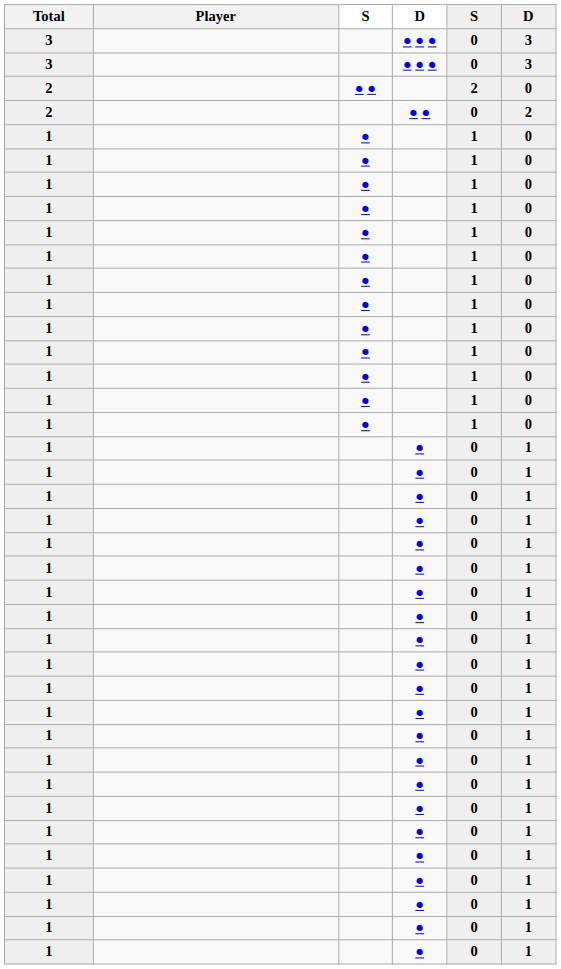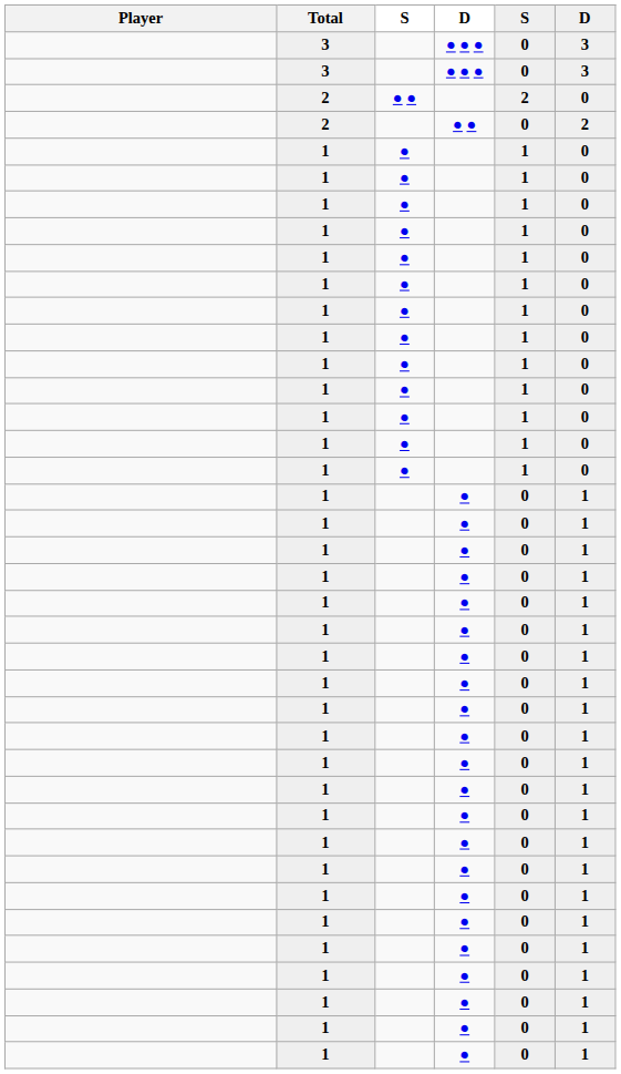 <table class="sortable wikitable" style="font-size:90%;">
 <tr>
+<th width=236>Player</th>
 <th width=81>Total</th>
-<th width=236>Player</th>
 <th width=47 style="background:#FFFFFF"> S </th>
 <th width=47 style="background:#FFFFFF"> D </th>
 <th width=47 style="background:#efefef"> S </th>
 <th width=47 style="background:#efefef"> D </th>
 </tr>
 <tr align=center>
+<td align=left></td>
 <td bgcolor=#efefef><strong>3</strong></td>
-<td align=left></td>
 <td></td>
 <td><a href='#'>●</a> <a href='#'>●</a> <a href='#'>●</a></td>
 <td bgcolor=#efefef><strong>0</strong></td>
 <td bgcolor=#efefef><strong>3</strong></td>
 </tr>
 <tr align=center>
+<td align=left></td>
 <td bgcolor=#efefef><strong>3</strong></td>
-<td align=left></td>
 <td></td>
 <td><a href='#'>●</a> <a href='#'>●</a> <a href='#'>●</a></td>
 <td bgcolor=#efefef><strong>0</strong></td>
 <td bgcolor=#efefef><strong>3</strong></td>
 </tr>
 <tr align=center>
+<td align=left></td>
 <td bgcolor=#efefef><strong>2</strong></td>
-<td align=left></td>
 <td><a href='#'>●</a> <a href='#'>●</a></td>
 <td></td>
 <td bgcolor=#efefef><strong>2</strong></td>
 <td bgcolor=#efefef><strong>0</strong></td>
 </tr>
 <tr align=center>
+<td align=left></td>
 <td bgcolor=#efefef><strong>2</strong></td>
-<td align=left></td>
 <td></td>
 <td><a href='#'>●</a> <a href='#'>●</a></td>
 <td bgcolor=#efefef><strong>0</strong></td>
 <td bgcolor=#efefef><strong>2</strong></td>
 </tr>
 <tr align=center>
+<td align=left></td>
 <td bgcolor=#efefef><strong>1</strong></td>
-<td align=left></td>
 <td><a href='#'>●</a></td>
 <td></td>
 <td bgcolor=#efefef><strong>1</strong></td>
 <td bgcolor=#efefef><strong>0</strong></td>
 </tr>
 <tr align=center>
+<td align=left></td>
 <td bgcolor=#efefef><strong>1</strong></td>
-<td align=left></td>
 <td><a href='#'>●</a></td>
 <td></td>
 <td bgcolor=#efefef><strong>1</strong></td>
 <td bgcolor=#efefef><strong>0</strong></td>
 </tr>
 <tr align=center>
+<td align=left></td>
 <td bgcolor=#efefef><strong>1</strong></td>
-<td align=left></td>
 <td><a href='#'>●</a></td>
 <td></td>
 <td bgcolor=#efefef><strong>1</strong></td>
 <td bgcolor=#efefef><strong>0</strong></td>
 </tr>
 <tr align=center>
+<td align=left></td>
 <td bgcolor=#efefef><strong>1</strong></td>
-<td align=left></td>
 <td><a href='#'>●</a></td>
 <td></td>
 <td bgcolor=#efefef><strong>1</strong></td>
 <td bgcolor=#efefef><strong>0</strong></td>
 </tr>
 <tr align=center>
+<td align=left></td>
 <td bgcolor=#efefef><strong>1</strong></td>
-<td align=left></td>
 <td><a href='#'>●</a></td>
 <td></td>
 <td bgcolor=#efefef><strong>1</strong></td>
 <td bgcolor=#efefef><strong>0</strong></td>
 </tr>
 <tr align=center>
+<td align=left></td>
 <td bgcolor=#efefef><strong>1</strong></td>
-<td align=left></td>
 <td><a href='#'>●</a></td>
 <td></td>
 <td bgcolor=#efefef><strong>1</strong></td>
 <td bgcolor=#efefef><strong>0</strong></td>
 </tr>
 <tr align=center>
+<td align=left></td>
 <td bgcolor=#efefef><strong>1</strong></td>
-<td align=left></td>
 <td><a href='#'>●</a></td>
 <td></td>
 <td bgcolor=#efefef><strong>1</strong></td>
 <td bgcolor=#efefef><strong>0</strong></td>
 </tr>
 <tr align=center>
+<td align=left></td>
 <td bgcolor=#efefef><strong>1</strong></td>
-<td align=left></td>
 <td><a href='#'>●</a></td>
 <td></td>
 <td bgcolor=#efefef><strong>1</strong></td>
 <td bgcolor=#efefef><strong>0</strong></td>
 </tr>
 <tr align=center>
+<td align=left></td>
 <td bgcolor=#efefef><strong>1</strong></td>
-<td align=left></td>
 <td><a href='#'>●</a></td>
 <td></td>
 <td bgcolor=#efefef><strong>1</strong></td>
 <td bgcolor=#efefef><strong>0</strong></td>
 </tr>
 <tr align=center>
+<td align=left></td>
 <td bgcolor=#efefef><strong>1</strong></td>
-<td align=left></td>
 <td><a href='#'>●</a></td>
 <td></td>
 <td bgcolor=#efefef><strong>1</strong></td>
 <td bgcolor=#efefef><strong>0</strong></td>
 </tr>
 <tr align=center>
+<td align=left></td>
 <td bgcolor=#efefef><strong>1</strong></td>
-<td align=left></td>
 <td><a href='#'>●</a></td>
 <td></td>
 <td bgcolor=#efefef><strong>1</strong></td>
 <td bgcolor=#efefef><strong>0</strong></td>
 </tr>
 <tr align=center>
+<td align=left></td>
 <td bgcolor=#efefef><strong>1</strong></td>
-<td align=left></td>
 <td><a href='#'>●</a></td>
 <td></td>
 <td bgcolor=#efefef><strong>1</strong></td>
 <td bgcolor=#efefef><strong>0</strong></td>
 </tr>
 <tr align=center>
+<td align=left></td>
 <td bgcolor=#efefef><strong>1</strong></td>
-<td align=left></td>
 <td><a href='#'>●</a></td>
 <td></td>
 <td bgcolor=#efefef><strong>1</strong></td>
 <td bgcolor=#efefef><strong>0</strong></td>
 </tr>
 <tr align=center>
+<td align=left></td>
 <td bgcolor=#efefef><strong>1</strong></td>
-<td align=left></td>
 <td></td>
 <td><a href='#'>●</a></td>
 <td bgcolor=#efefef><strong>0</strong></td>
 <td bgcolor=#efefef><strong>1</strong></td>
 </tr>
 <tr align=center>
+<td align=left></td>
 <td bgcolor=#efefef><strong>1</strong></td>
-<td align=left></td>
 <td></td>
 <td><a href='#'>●</a></td>
 <td bgcolor=#efefef><strong>0</strong></td>
 <td bgcolor=#efefef><strong>1</strong></td>
 </tr>
 <tr align=center>
+<td align=left></td>
 <td bgcolor=#efefef><strong>1</strong></td>
-<td align=left></td>
 <td></td>
 <td><a href='#'>●</a></td>
 <td bgcolor=#efefef><strong>0</strong></td>
 <td bgcolor=#efefef><strong>1</strong></td>
 </tr>
 <tr align=center>
+<td align=left></td>
 <td bgcolor=#efefef><strong>1</strong></td>
-<td align=left></td>
 <td></td>
 <td><a href='#'>●</a></td>
 <td bgcolor=#efefef><strong>0</strong></td>
 <td bgcolor=#efefef><strong>1</strong></td>
 </tr>
 <tr align=center>
+<td align=left></td>
 <td bgcolor=#efefef><strong>1</strong></td>
-<td align=left></td>
 <td></td>
 <td><a href='#'>●</a></td>
 <td bgcolor=#efefef><strong>0</strong></td>
 <td bgcolor=#efefef><strong>1</strong></td>
 </tr>
 <tr align=center>
+<td align=left></td>
 <td bgcolor=#efefef><strong>1</strong></td>
-<td align=left></td>
 <td></td>
 <td><a href='#'>●</a></td>
 <td bgcolor=#efefef><strong>0</strong></td>
 <td bgcolor=#efefef><strong>1</strong></td>
 </tr>
 <tr align=center>
+<td align=left></td>
 <td bgcolor=#efefef><strong>1</strong></td>
-<td align=left></td>
 <td></td>
 <td><a href='#'>●</a></td>
 <td bgcolor=#efefef><strong>0</strong></td>
 <td bgcolor=#efefef><strong>1</strong></td>
 </tr>
 <tr align=center>
+<td align=left></td>
 <td bgcolor=#efefef><strong>1</strong></td>
-<td align=left></td>
 <td></td>
 <td><a href='#'>●</a></td>
 <td bgcolor=#efefef><strong>0</strong></td>
 <td bgcolor=#efefef><strong>1</strong></td>
 </tr>
 <tr align=center>
+<td align=left></td>
 <td bgcolor=#efefef><strong>1</strong></td>
-<td align=left></td>
 <td></td>
 <td><a href='#'>●</a></td>
 <td bgcolor=#efefef><strong>0</strong></td>
 <td bgcolor=#efefef><strong>1</strong></td>
 </tr>
 <tr align=center>
+<td align=left></td>
 <td bgcolor=#efefef><strong>1</strong></td>
-<td align=left></td>
 <td></td>
 <td><a href='#'>●</a></td>
 <td bgcolor=#efefef><strong>0</strong></td>
 <td bgcolor=#efefef><strong>1</strong></td>
 </tr>
 <tr align=center>
+<td align=left></td>
 <td bgcolor=#efefef><strong>1</strong></td>
-<td align=left></td>
 <td></td>
 <td><a href='#'>●</a></td>
 <td bgcolor=#efefef><strong>0</strong></td>
 <td bgcolor=#efefef><strong>1</strong></td>
 </tr>
 <tr align=center>
+<td align=left></td>
 <td bgcolor=#efefef><strong>1</strong></td>
-<td align=left></td>
 <td></td>
 <td><a href='#'>●</a></td>
 <td bgcolor=#efefef><strong>0</strong></td>
 <td bgcolor=#efefef><strong>1</strong></td>
 </tr>
 <tr align=center>
+<td align=left></td>
 <td bgcolor=#efefef><strong>1</strong></td>
-<td align=left></td>
 <td></td>
 <td><a href='#'>●</a></td>
 <td bgcolor=#efefef><strong>0</strong></td>
 <td bgcolor=#efefef><strong>1</strong></td>
 </tr>
 <tr align=center>
+<td align=left></td>
 <td bgcolor=#efefef><strong>1</strong></td>
-<td align=left></td>
 <td></td>
 <td><a href='#'>●</a></td>
 <td bgcolor=#efefef><strong>0</strong></td>
 <td bgcolor=#efefef><strong>1</strong></td>
 </tr>
 <tr align=center>
+<td align=left></td>
 <td bgcolor=#efefef><strong>1</strong></td>
-<td align=left></td>
 <td></td>
 <td><a href='#'>●</a></td>
 <td bgcolor=#efefef><strong>0</strong></td>
 <td bgcolor=#efefef><strong>1</strong></td>
 </tr>
 <tr align=center>
+<td align=left></td>
 <td bgcolor=#efefef><strong>1</strong></td>
-<td align=left></td>
 <td></td>
 <td><a href='#'>●</a></td>
 <td bgcolor=#efefef><strong>0</strong></td>
 <td bgcolor=#efefef><strong>1</strong></td>
 </tr>
 <tr align=center>
+<td align=left></td>
 <td bgcolor=#efefef><strong>1</strong></td>
-<td align=left></td>
 <td></td>
 <td><a href='#'>●</a></td>
 <td bgcolor=#efefef><strong>0</strong></td>
 <td bgcolor=#efefef><strong>1</strong></td>
 </tr>
 <tr align=center>
+<td align=left></td>
 <td bgcolor=#efefef><strong>1</strong></td>
-<td align=left></td>
 <td></td>
 <td><a href='#'>●</a></td>
 <td bgcolor=#efefef><strong>0</strong></td>
 <td bgcolor=#efefef><strong>1</strong></td>
 </tr>
 <tr align=center>
+<td align=left></td>
 <td bgcolor=#efefef><strong>1</strong></td>
-<td align=left></td>
 <td></td>
 <td><a href='#'>●</a></td>
 <td bgcolor=#efefef><strong>0</strong></td>
 <td bgcolor=#efefef><strong>1</strong></td>
 </tr>
 <tr align=center>
+<td align=left></td>
 <td bgcolor=#efefef><strong>1</strong></td>
-<td align=left></td>
 <td></td>
 <td><a href='#'>●</a></td>
 <td bgcolor=#efefef><strong>0</strong></td>
 <td bgcolor=#efefef><strong>1</strong></td>
 </tr>
 <tr align=center>
+<td align=left></td>
 <td bgcolor=#efefef><strong>1</strong></td>
-<td align=left></td>
 <td></td>
 <td><a href='#'>●</a></td>
 <td bgcolor=#efefef><strong>0</strong></td>
 <td bgcolor=#efefef><strong>1</strong></td>
 </tr>
 <tr align=center>
+<td align=left></td>
 <td bgcolor=#efefef><strong>1</strong></td>
-<td align=left></td>
 <td></td>
 <td><a href='#'>●</a></td>
 <td bgcolor=#efefef><strong>0</strong></td>
 <td bgcolor=#efefef><strong>1</strong></td>
 </tr>
 </table>
